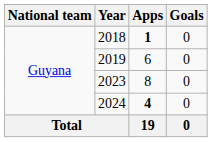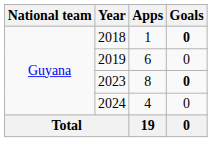 <table class=wikitable style="text-align: center;">
 <tr>
 <th>National team</th>
 <th>Year</th>
 <th>Apps</th>
 <th>Goals</th>
 </tr>
 <tr>
 <td rowspan="4"><a href='#'>Guyana</a></td>
 <td>2018</td>
-<td><strong>1</strong></td>
-<td>0</td>
+<td>1</td>
+<td><strong>0</strong></td>
 </tr>
 <tr>
 <td>2019</td>
 <td>6</td>
 <td>0</td>
 </tr>
 <tr>
 <td>2023</td>
 <td>8</td>
-<td>0</td>
+<td><strong>0</strong></td>
 </tr>
 <tr>
 <td>2024</td>
-<td><strong>4</strong></td>
+<td>4</td>
 <td>0</td>
 </tr>
 <tr>
 <th colspan="2">Total</th>
 <th>19</th>
 <th>0</th>
 </tr>
 </table>
